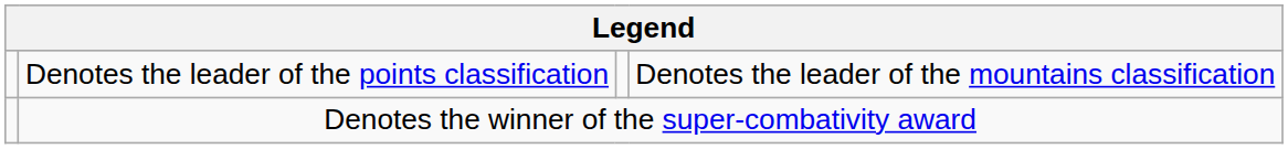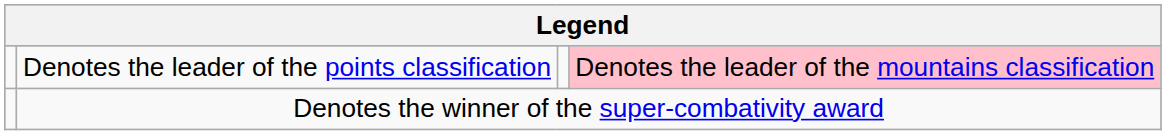 <table class="wikitable">
 <tr>
 <th scope="col" colspan="4">Legend</th>
 </tr>
 <tr>
 <td></td>
 <td>Denotes the leader of the <a href='#'>points classification</a></td>
 <td></td>
-<td>Denotes the leader of the <a href='#'>mountains classification</a></td>
+<td style="background: pink;">Denotes the leader of the <a href='#'>mountains classification</a></td>
 </tr>
 <tr>
 <td></td>
 <td colspan="4" style="text-align:center;">Denotes the winner of the <a href='#'>super-combativity award</a></td>
 </tr>
 </table>
